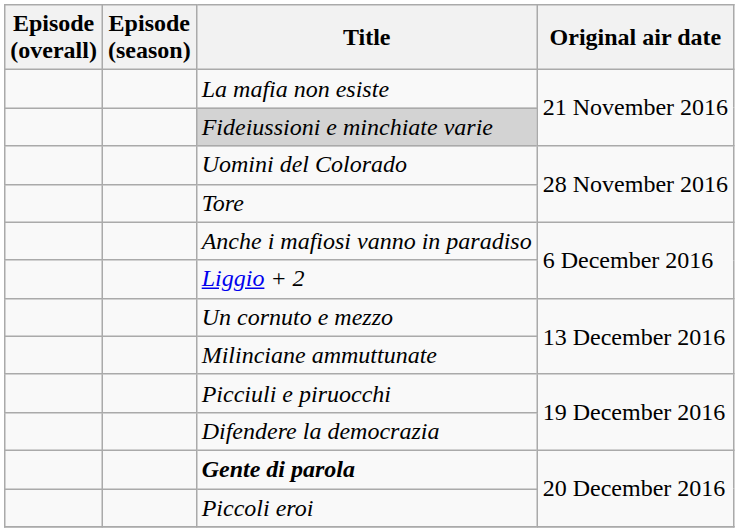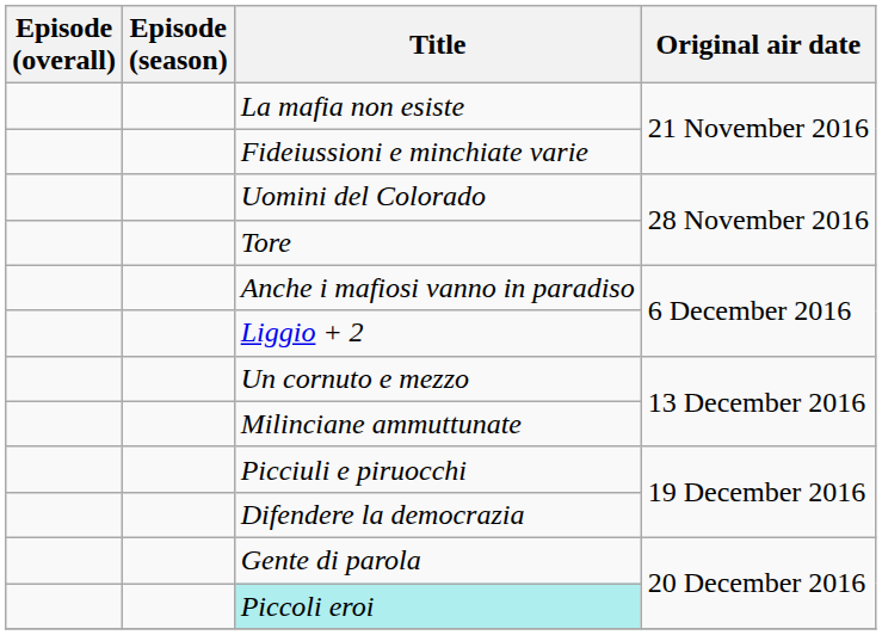 <table class="wikitable">
 <tr>
 <th>Episode <br> (overall)</th>
 <th>Episode <br> (season)</th>
 <th>Title</th>
 <th>Original air date</th>
 </tr>
 <tr>
 <td></td>
 <td></td>
 <td><em>La mafia non esiste</em></td>
 <td rowspan="2">21 November 2016</td>
 </tr>
 <tr>
 <td></td>
 <td></td>
-<td style="background: lightgrey;"><em>Fideiussioni e minchiate varie</em></td>
+<td><em>Fideiussioni e minchiate varie</em></td>
 </tr>
 <tr>
 <td></td>
 <td></td>
 <td><em>Uomini del Colorado</em></td>
 <td rowspan="2">28 November 2016</td>
 </tr>
 <tr>
 <td></td>
 <td></td>
 <td><em>Tore</em></td>
 </tr>
 <tr>
 <td></td>
 <td></td>
 <td><em>Anche i mafiosi vanno in paradiso</em></td>
 <td rowspan="2">6 December 2016</td>
 </tr>
 <tr>
 <td></td>
 <td></td>
 <td><em><a href='#'>Liggio</a> + 2</em></td>
 </tr>
 <tr>
 <td></td>
 <td></td>
 <td><em>Un cornuto e mezzo</em></td>
 <td rowspan="2">13 December 2016</td>
 </tr>
 <tr>
 <td></td>
 <td></td>
 <td><em>Milinciane ammuttunate</em></td>
 </tr>
 <tr>
 <td></td>
 <td></td>
 <td><em>Picciuli e piruocchi</em></td>
 <td rowspan="2">19 December 2016</td>
 </tr>
 <tr>
 <td></td>
 <td></td>
 <td><em>Difendere la democrazia</em></td>
 </tr>
 <tr>
 <td></td>
 <td></td>
-<td><strong><em>Gente di parola</em></strong></td>
+<td><em>Gente di parola</em></td>
 <td rowspan="2">20 December 2016</td>
 </tr>
 <tr>
 <td></td>
 <td></td>
-<td><em>Piccoli eroi</em></td>
+<td style="background: paleturquoise;"><em>Piccoli eroi</em></td>
 </tr>
 <tr>
 </tr>
 </table>
